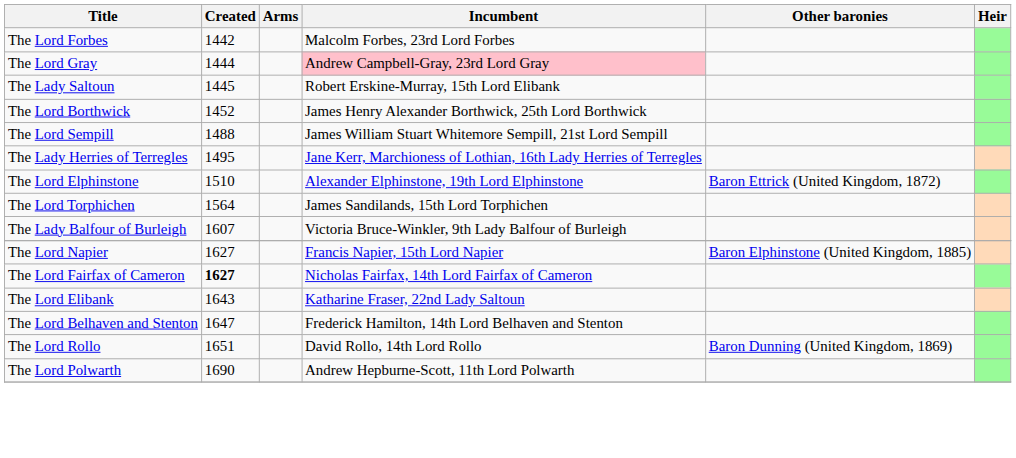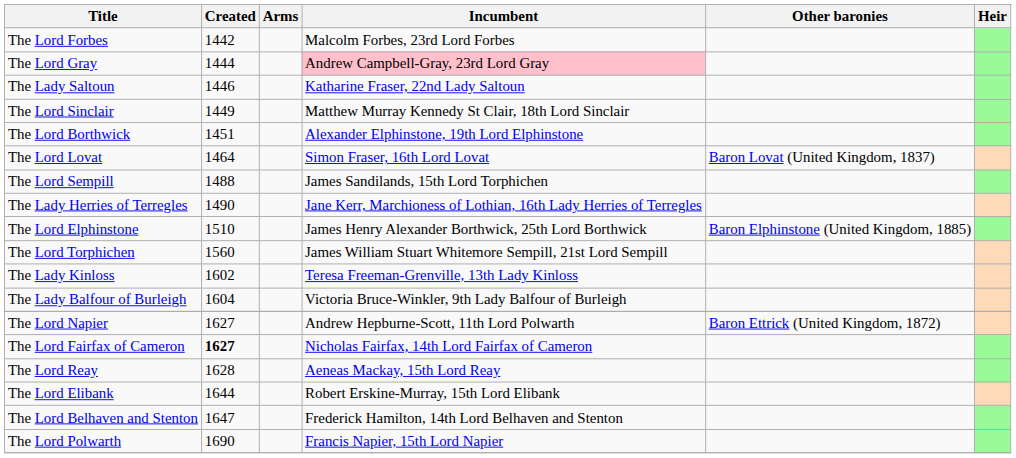 <table class="wikitable sortable sticky-header">
 <tr>
 <th>Title</th>
 <th>Created</th>
 <th>Arms</th>
 <th>Incumbent</th>
 <th>Other baronies</th>
 <th>Heir</th>
 </tr>
 <tr>
 <td>The <a href='#'>Lord Forbes</a></td>
 <td>1442</td>
 <td></td>
 <td>Malcolm Forbes, 23rd Lord Forbes</td>
 <td></td>
 <td style="background:#98FB98;"></td>
 </tr>
 <tr>
 <td>The <a href='#'>Lord Gray</a></td>
 <td>1444</td>
 <td></td>
 <td style="background: pink;">Andrew Campbell-Gray, 23rd Lord Gray</td>
 <td></td>
 <td style="background:#98FB98;"></td>
 </tr>
 <tr>
 <td>The <a href='#'>Lady Saltoun</a></td>
-<td>1445</td>
+<td>1446</td>
 <td></td>
-<td>Robert Erskine-Murray, 15th Lord Elibank</td>
+<td><a href='#'>Katharine Fraser, 22nd Lady Saltoun</a></td>
+<td></td>
+<td style="background:#98FB98;"></td>
+</tr>
+<tr>
+<td>The <a href='#'>Lord Sinclair</a></td>
+<td>1449</td>
+<td></td>
+<td>Matthew Murray Kennedy St Clair, 18th Lord Sinclair</td>
 <td></td>
 <td style="background:#98FB98;"></td>
 </tr>
 <tr>
 <td>The <a href='#'>Lord Borthwick</a></td>
-<td>1452</td>
+<td>1451</td>
 <td></td>
-<td>James Henry Alexander Borthwick, 25th Lord Borthwick</td>
+<td><a href='#'>Alexander Elphinstone, 19th Lord Elphinstone</a></td>
 <td></td>
 <td style="background:#98FB98;"></td>
+</tr>
+<tr>
+<td>The <a href='#'>Lord Lovat</a></td>
+<td>1464</td>
+<td></td>
+<td><a href='#'>Simon Fraser, 16th Lord Lovat</a></td>
+<td><a href='#'>Baron Lovat</a> (United Kingdom, 1837)</td>
+<td style="background:#FFDAB9;"></td>
 </tr>
 <tr>
 <td>The <a href='#'>Lord Sempill</a></td>
 <td>1488</td>
 <td></td>
-<td>James William Stuart Whitemore Sempill, 21st Lord Sempill</td>
+<td>James Sandilands, 15th Lord Torphichen</td>
 <td></td>
 <td style="background:#98FB98;"></td>
 </tr>
 <tr>
 <td>The <a href='#'>Lady Herries of Terregles</a></td>
-<td>1495</td>
+<td>1490</td>
 <td></td>
 <td><a href='#'>Jane Kerr, Marchioness of Lothian, 16th Lady Herries of Terregles</a></td>
 <td></td>
 <td style="background:#FFDAB9;"></td>
 </tr>
 <tr>
 <td>The <a href='#'>Lord Elphinstone</a></td>
 <td>1510</td>
 <td></td>
-<td><a href='#'>Alexander Elphinstone, 19th Lord Elphinstone</a></td>
-<td><a href='#'>Baron Ettrick</a> (United Kingdom, 1872)</td>
+<td>James Henry Alexander Borthwick, 25th Lord Borthwick</td>
+<td><a href='#'>Baron Elphinstone</a> (United Kingdom, 1885)</td>
 <td style="background:#98FB98;"></td>
 </tr>
 <tr>
 <td>The <a href='#'>Lord Torphichen</a></td>
-<td>1564</td>
+<td>1560</td>
 <td></td>
-<td>James Sandilands, 15th Lord Torphichen</td>
+<td>James William Stuart Whitemore Sempill, 21st Lord Sempill</td>
+<td></td>
+<td style="background:#FFDAB9;"></td>
+</tr>
+<tr>
+<td>The <a href='#'>Lady Kinloss</a></td>
+<td>1602</td>
+<td></td>
+<td><a href='#'>Teresa Freeman-Grenville, 13th Lady Kinloss</a></td>
 <td></td>
 <td style="background:#FFDAB9;"></td>
 </tr>
 <tr>
 <td>The <a href='#'>Lady Balfour of Burleigh</a></td>
-<td>1607</td>
+<td>1604</td>
 <td></td>
 <td>Victoria Bruce-Winkler, 9th Lady Balfour of Burleigh</td>
 <td></td>
 <td style="background:#FFDAB9;"></td>
 </tr>
 <tr>
 </tr>
 <tr>
 <td>The <a href='#'>Lord Napier</a></td>
 <td>1627</td>
 <td></td>
-<td><a href='#'>Francis Napier, 15th Lord Napier</a></td>
-<td><a href='#'>Baron Elphinstone</a> (United Kingdom, 1885)</td>
+<td>Andrew Hepburne-Scott, 11th Lord Polwarth</td>
+<td><a href='#'>Baron Ettrick</a> (United Kingdom, 1872)</td>
 <td style="background:#FFDAB9;"></td>
 </tr>
 <tr>
 <td>The <a href='#'>Lord Fairfax of Cameron</a></td>
 <td><strong>1627</strong></td>
 <td></td>
 <td><a href='#'>Nicholas Fairfax, 14th Lord Fairfax of Cameron</a></td>
 <td></td>
 <td style="background:#98FB98;"></td>
 </tr>
 <tr>
+<td>The <a href='#'>Lord Reay</a></td>
+<td>1628</td>
+<td></td>
+<td><a href='#'>Aeneas Mackay, 15th Lord Reay</a></td>
+<td></td>
+<td style="background:#98FB98;"></td>
+</tr>
+<tr>
 <td>The <a href='#'>Lord Elibank</a></td>
-<td>1643</td>
+<td>1644</td>
 <td></td>
-<td><a href='#'>Katharine Fraser, 22nd Lady Saltoun</a></td>
+<td>Robert Erskine-Murray, 15th Lord Elibank</td>
 <td></td>
 <td style="background:#FFDAB9;"></td>
 </tr>
 <tr>
 <td>The <a href='#'>Lord Belhaven and Stenton</a></td>
 <td>1647</td>
 <td></td>
 <td>Frederick Hamilton, 14th Lord Belhaven and Stenton</td>
 <td></td>
 <td style="background:#98FB98;"></td>
 </tr>
 <tr>
-<td>The <a href='#'>Lord Rollo</a></td>
-<td>1651</td>
-<td></td>
-<td>David Rollo, 14th Lord Rollo</td>
-<td><a href='#'>Baron Dunning</a> (United Kingdom, 1869)</td>
-<td style="background:#98FB98;"></td>
-</tr>
-<tr>
 <td>The <a href='#'>Lord Polwarth</a></td>
 <td>1690</td>
 <td></td>
-<td>Andrew Hepburne-Scott, 11th Lord Polwarth</td>
+<td><a href='#'>Francis Napier, 15th Lord Napier</a></td>
 <td></td>
 <td style="background:#98FB98;"></td>
 </tr>
 <tr>
 </tr>
 </table>
